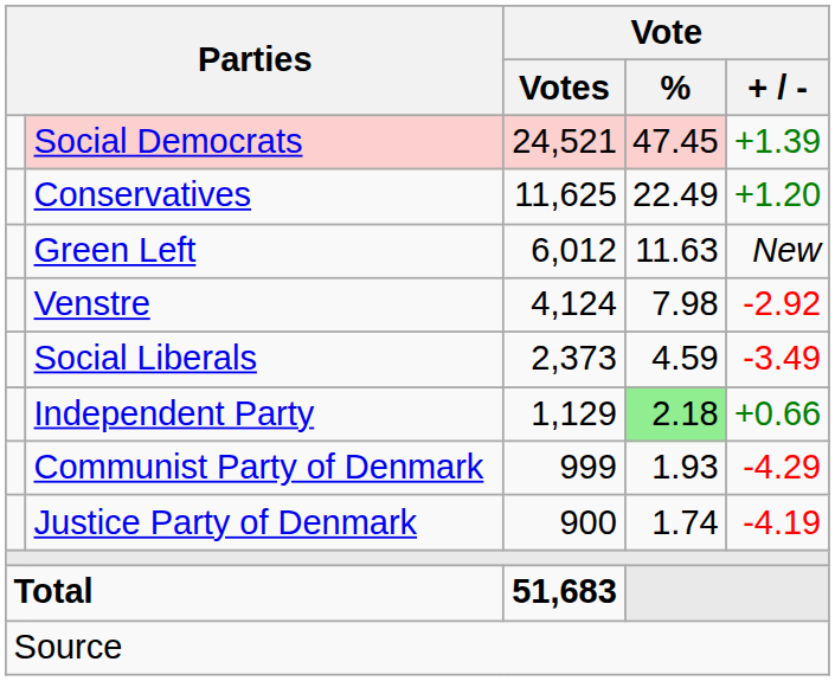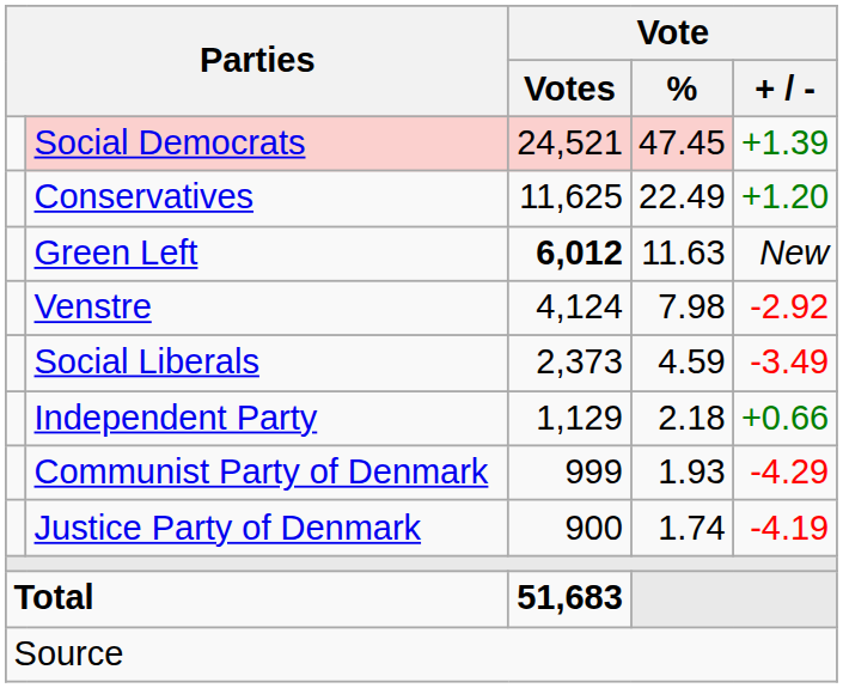 <table class="wikitable" style="text-align:right;">
 <tr>
 <th style="text-align:centre;" rowspan="2" colspan="2" width="225">Parties</th>
 <th colspan="3">Vote</th>
 </tr>
 <tr>
 <th width="15">Votes</th>
 <th width="15">%</th>
 <th width="15">+ / -</th>
 </tr>
 <tr>
 <td width="2" style="color:inherit;background:"></td>
 <td bgcolor=#fbd0ce  align="left"><a href='#'>Social Democrats</a></td>
 <td bgcolor=#fbd0ce>24,521</td>
 <td bgcolor=#fbd0ce>47.45</td>
 <td style=color:green;>+1.39</td>
 </tr>
 <tr>
 <td width="2" style="color:inherit;background:"></td>
 <td align="left"><a href='#'>Conservatives</a></td>
 <td>11,625</td>
 <td>22.49</td>
 <td style=color:green;>+1.20</td>
 </tr>
 <tr>
 <td width="2" style="color:inherit;background:"></td>
 <td align="left"><a href='#'>Green Left</a></td>
-<td>6,012</td>
+<td><strong>6,012</strong></td>
 <td>11.63</td>
 <td><em>New</em></td>
 </tr>
 <tr>
 <td width="2" style="color:inherit;background:"></td>
 <td align="left"><a href='#'>Venstre</a></td>
 <td>4,124</td>
 <td>7.98</td>
 <td style=color:red;>-2.92</td>
 </tr>
 <tr>
 <td width="2" style="color:inherit;background:"></td>
 <td align="left"><a href='#'>Social Liberals</a></td>
 <td>2,373</td>
 <td>4.59</td>
 <td style=color:red;>-3.49</td>
 </tr>
 <tr>
 <td width="2" style="color:inherit;background:"></td>
 <td align="left"><a href='#'>Independent Party</a></td>
 <td>1,129</td>
-<td style="background: lightgreen;">2.18</td>
+<td>2.18</td>
 <td style=color:green;>+0.66</td>
 </tr>
 <tr>
 <td width="2" style="color:inherit;background:"></td>
 <td align="left"><a href='#'>Communist Party of Denmark</a></td>
 <td>999</td>
 <td>1.93</td>
 <td style=color:red;>-4.29</td>
 </tr>
 <tr>
 <td width="2" style="color:inherit;background:"></td>
 <td align="left"><a href='#'>Justice Party of Denmark</a></td>
 <td>900</td>
 <td>1.74</td>
 <td style=color:red;>-4.19</td>
 </tr>
 <tr>
 <td colspan="7" bgcolor="#E9E9E9"></td>
 </tr>
 <tr>
 <td align="left" colspan="2"><strong>Total</strong></td>
 <td><strong>51,683</strong></td>
 <td bgcolor="#E9E9E9" colspan="2"></td>
 </tr>
 <tr>
 <td align="left" colspan="6">Source</td>
 </tr>
 </table>
